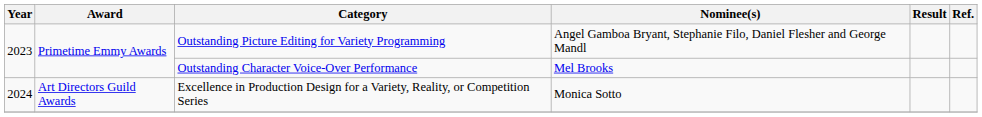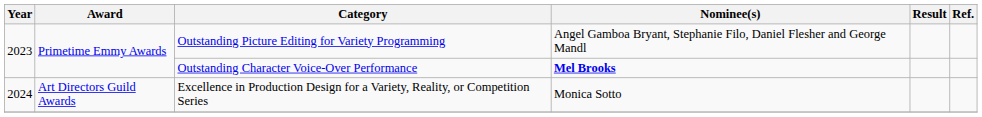 <table class="wikitable">
 <tr>
 <th>Year</th>
 <th>Award</th>
 <th>Category</th>
 <th>Nominee(s)</th>
 <th>Result</th>
 <th>Ref.</th>
 </tr>
 <tr>
 <td rowspan="2">2023</td>
 <td rowspan="2"><a href='#'>Primetime Emmy Awards</a></td>
 <td><a href='#'>Outstanding Picture Editing for Variety Programming</a></td>
 <td>Angel Gamboa Bryant, Stephanie Filo, Daniel Flesher and George Mandl  </td>
 <td></td>
 <td style="text-align:center;"></td>
 </tr>
 <tr>
 <td><a href='#'>Outstanding Character Voice-Over Performance</a></td>
-<td><a href='#'>Mel Brooks</a> </td>
+<td><strong><a href='#'>Mel Brooks</a> </strong></td>
 <td></td>
 <td style="text-align:center;"></td>
 </tr>
 <tr>
 <td>2024</td>
 <td><a href='#'>Art Directors Guild Awards</a></td>
 <td>Excellence in Production Design for a Variety, Reality, or Competition Series</td>
 <td>Monica Sotto </td>
 <td></td>
 <td align="center"></td>
 </tr>
 <tr>
 </tr>
 </table>
